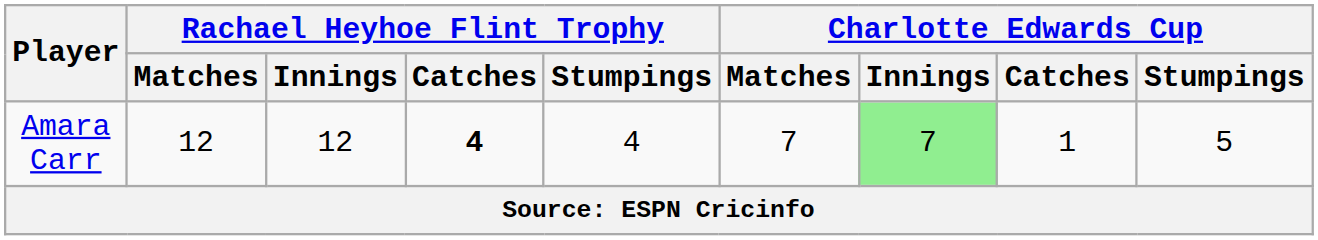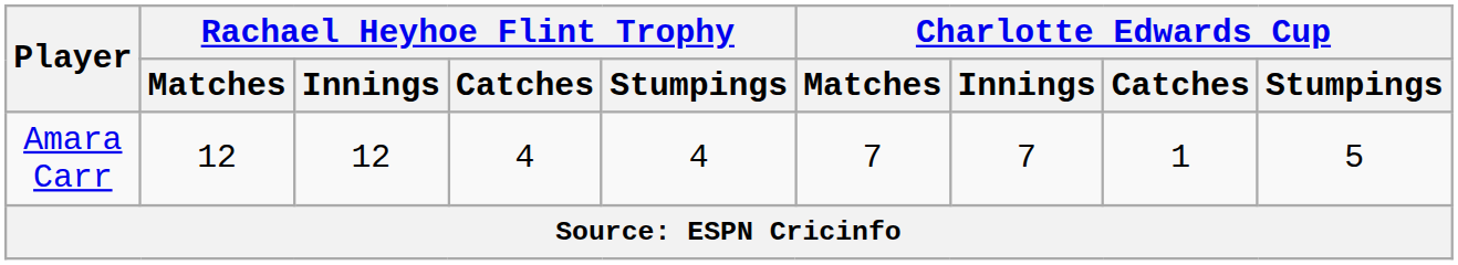 <table class="wikitable" style="text-align:center; width:55%;">
 <tr>
 <th rowspan=2>Player</th>
 <th colspan=4><a href='#'>Rachael Heyhoe Flint Trophy</a></th>
 <th colspan=4><a href='#'>Charlotte Edwards Cup</a></th>
 </tr>
 <tr>
 <th>Matches</th>
 <th>Innings</th>
 <th>Catches</th>
 <th>Stumpings</th>
 <th>Matches</th>
 <th>Innings</th>
 <th>Catches</th>
 <th>Stumpings</th>
 </tr>
 <tr>
 <td><a href='#'>Amara Carr</a></td>
 <td>12</td>
 <td>12</td>
-<td><strong>4</strong></td>
+<td>4</td>
 <td>4</td>
 <td>7</td>
-<td style="background: lightgreen;">7</td>
+<td>7</td>
 <td>1</td>
 <td>5</td>
 </tr>
 <tr>
 <th colspan="9"><small>Source: ESPN Cricinfo</small></th>
 </tr>
 </table>
